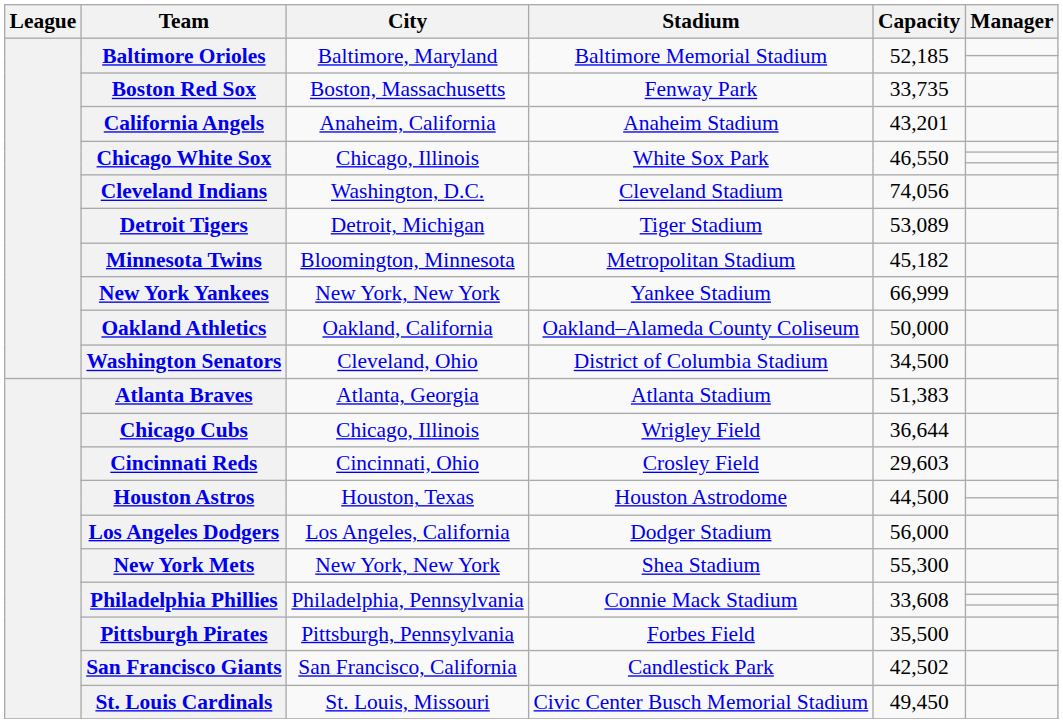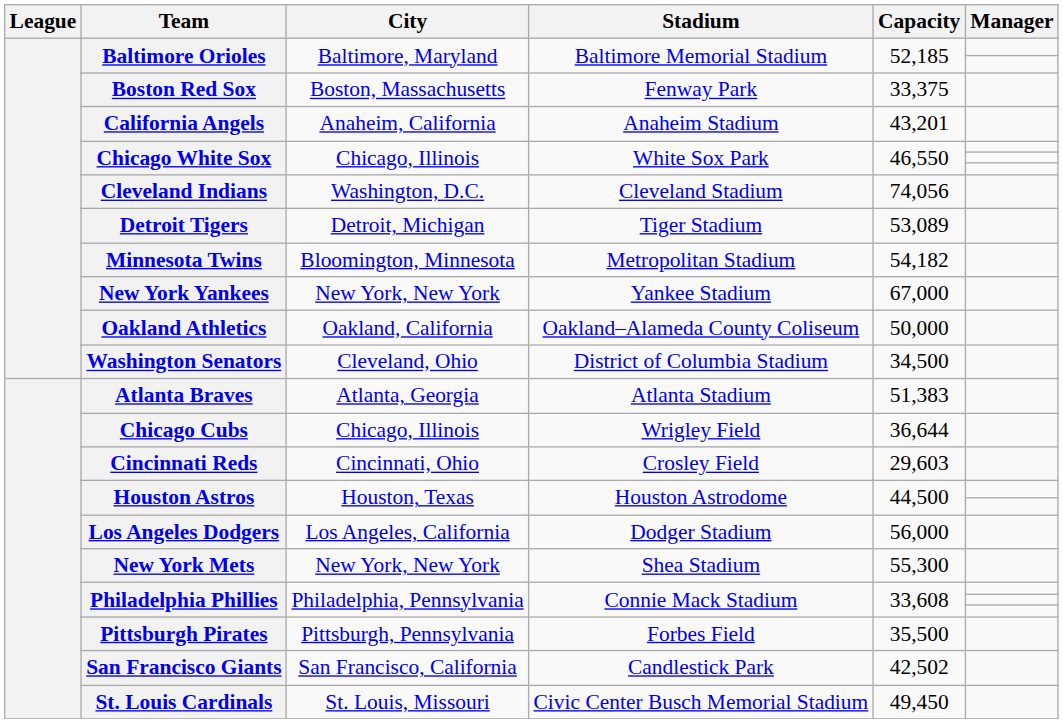 <table class="wikitable sortable plainrowheaders" style="text-align:center;">
 <tr>
 <th scope="col">League</th>
 <th scope="col">Team</th>
 <th scope="col">City</th>
 <th scope="col">Stadium</th>
 <th scope="col">Capacity</th>
 <th scope="col">Manager</th>
 </tr>
 <tr>
 <th rowspan="13"></th>
 <th rowspan="2" scope="row"><a href='#'>Baltimore Orioles</a></th>
 <td rowspan="2"><a href='#'>Baltimore, Maryland</a></td>
 <td rowspan="2"><a href='#'>Baltimore Memorial Stadium</a></td>
 <td rowspan="2">52,185</td>
 <td></td>
 </tr>
 <tr>
 <td></td>
 </tr>
 <tr>
 <th scope="row"><a href='#'>Boston Red Sox</a></th>
 <td><a href='#'>Boston, Massachusetts</a></td>
 <td><a href='#'>Fenway Park</a></td>
-<td>33,735</td>
+<td>33,375</td>
 <td></td>
 </tr>
 <tr>
 <th scope="row"><a href='#'>California Angels</a></th>
 <td><a href='#'>Anaheim, California</a></td>
 <td><a href='#'>Anaheim Stadium</a></td>
 <td>43,201</td>
 <td></td>
 </tr>
 <tr>
 <th rowspan="3" scope="row"><a href='#'>Chicago White Sox</a></th>
 <td rowspan="3"><a href='#'>Chicago, Illinois</a></td>
 <td rowspan="3"><a href='#'>White Sox Park</a></td>
 <td rowspan="3">46,550</td>
 <td></td>
 </tr>
 <tr>
 <td></td>
 </tr>
 <tr>
 <td></td>
 </tr>
 <tr>
 <th scope="row"><a href='#'>Cleveland Indians</a></th>
 <td><a href='#'>Washington, D.C.</a></td>
 <td><a href='#'>Cleveland Stadium</a></td>
 <td>74,056</td>
 <td></td>
 </tr>
 <tr>
 <th scope="row"><a href='#'>Detroit Tigers</a></th>
 <td><a href='#'>Detroit, Michigan</a></td>
 <td><a href='#'>Tiger Stadium</a></td>
 <td>53,089</td>
 <td></td>
 </tr>
 <tr>
 <th scope="row"><a href='#'>Minnesota Twins</a></th>
 <td><a href='#'>Bloomington, Minnesota</a></td>
 <td><a href='#'>Metropolitan Stadium</a></td>
-<td>45,182</td>
+<td>54,182</td>
 <td></td>
 </tr>
 <tr>
 <th scope="row"><a href='#'>New York Yankees</a></th>
 <td><a href='#'>New York, New York</a></td>
 <td><a href='#'>Yankee Stadium</a></td>
-<td>66,999</td>
+<td>67,000</td>
 <td></td>
 </tr>
 <tr>
 <th scope="row"><a href='#'>Oakland Athletics</a></th>
 <td><a href='#'>Oakland, California</a></td>
 <td><a href='#'>Oakland–Alameda County Coliseum</a></td>
 <td>50,000</td>
 <td></td>
 </tr>
 <tr>
 <th scope="row"><a href='#'>Washington Senators</a></th>
 <td><a href='#'>Cleveland, Ohio</a></td>
 <td><a href='#'>District of Columbia Stadium</a></td>
 <td>34,500</td>
 <td></td>
 </tr>
 <tr>
 <th rowspan="13"></th>
 <th scope="row"><a href='#'>Atlanta Braves</a></th>
 <td><a href='#'>Atlanta, Georgia</a></td>
 <td><a href='#'>Atlanta Stadium</a></td>
 <td>51,383</td>
 <td></td>
 </tr>
 <tr>
 <th scope="row"><a href='#'>Chicago Cubs</a></th>
 <td><a href='#'>Chicago, Illinois</a></td>
 <td><a href='#'>Wrigley Field</a></td>
 <td>36,644</td>
 <td></td>
 </tr>
 <tr>
 <th scope="row"><a href='#'>Cincinnati Reds</a></th>
 <td><a href='#'>Cincinnati, Ohio</a></td>
 <td><a href='#'>Crosley Field</a></td>
 <td>29,603</td>
 <td></td>
 </tr>
 <tr>
 <th rowspan="2" scope="row"><a href='#'>Houston Astros</a></th>
 <td rowspan="2"><a href='#'>Houston, Texas</a></td>
 <td rowspan="2"><a href='#'>Houston Astrodome</a></td>
 <td rowspan="2">44,500</td>
 <td></td>
 </tr>
 <tr>
 <td></td>
 </tr>
 <tr>
 <th scope="row"><a href='#'>Los Angeles Dodgers</a></th>
 <td><a href='#'>Los Angeles, California</a></td>
 <td><a href='#'>Dodger Stadium</a></td>
 <td>56,000</td>
 <td></td>
 </tr>
 <tr>
 <th scope="row"><a href='#'>New York Mets</a></th>
 <td><a href='#'>New York, New York</a></td>
 <td><a href='#'>Shea Stadium</a></td>
 <td>55,300</td>
 <td></td>
 </tr>
 <tr>
 <th rowspan="3" scope="row"><a href='#'>Philadelphia Phillies</a></th>
 <td rowspan="3"><a href='#'>Philadelphia, Pennsylvania</a></td>
 <td rowspan="3"><a href='#'>Connie Mack Stadium</a></td>
 <td rowspan="3">33,608</td>
 <td></td>
 </tr>
 <tr>
 <td></td>
 </tr>
 <tr>
 <td></td>
 </tr>
 <tr>
 <th scope="row"><a href='#'>Pittsburgh Pirates</a></th>
 <td><a href='#'>Pittsburgh, Pennsylvania</a></td>
 <td><a href='#'>Forbes Field</a></td>
 <td>35,500</td>
 <td></td>
 </tr>
 <tr>
 <th scope="row"><a href='#'>San Francisco Giants</a></th>
 <td><a href='#'>San Francisco, California</a></td>
 <td><a href='#'>Candlestick Park</a></td>
 <td>42,502</td>
 <td></td>
 </tr>
 <tr>
 <th scope="row"><a href='#'>St. Louis Cardinals</a></th>
 <td><a href='#'>St. Louis, Missouri</a></td>
 <td><a href='#'>Civic Center Busch Memorial Stadium</a></td>
 <td>49,450</td>
 <td></td>
 </tr>
 </table>
